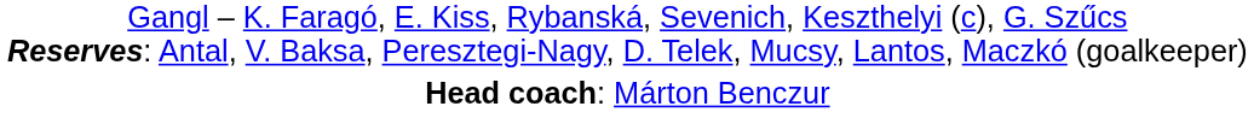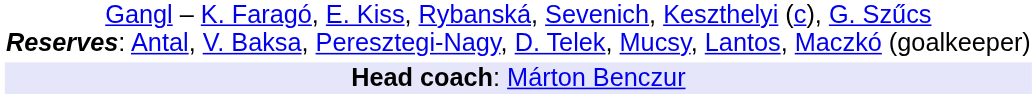 <table style="text-align: center; margin-top: 2em; margin-left: auto; margin-right: auto">
 <tr>
 <td><a href='#'>Gangl</a> – <a href='#'>K. Faragó</a>, <a href='#'>E. Kiss</a>, <a href='#'>Rybanská</a>, <a href='#'>Sevenich</a>, <a href='#'>Keszthelyi</a> (<a href='#'>c</a>), <a href='#'>G. Szűcs</a><br><strong><em>Reserves</em></strong>: <a href='#'>Antal</a>, <a href='#'>V. Baksa</a>, <a href='#'>Peresztegi-Nagy</a>, <a href='#'>D. Telek</a>, <a href='#'>Mucsy</a>, <a href='#'>Lantos</a>, <a href='#'>Maczkó</a> (goalkeeper)</td>
 </tr>
 <tr>
-<td><strong>Head coach</strong>: <a href='#'>Márton Benczur</a></td>
+<td style="background: lavender;"><strong>Head coach</strong>: <a href='#'>Márton Benczur</a></td>
 </tr>
 </table>
